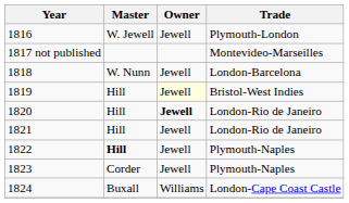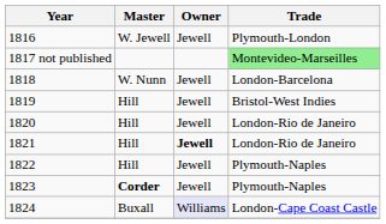 <table class="sortable wikitable">
 <tr>
 <th>Year</th>
 <th>Master</th>
 <th>Owner</th>
 <th>Trade</th>
 </tr>
 <tr>
 <td>1816</td>
 <td>W. Jewell</td>
 <td>Jewell</td>
 <td>Plymouth-London</td>
 </tr>
 <tr>
 <td>1817 not published</td>
 <td></td>
 <td></td>
-<td>Montevideo-Marseilles</td>
+<td style="background: lightgreen;">Montevideo-Marseilles</td>
 </tr>
 <tr>
 <td>1818</td>
 <td>W. Nunn</td>
 <td>Jewell</td>
 <td>London-Barcelona</td>
 </tr>
 <tr>
 <td>1819</td>
 <td>Hill</td>
-<td style="background: lightyellow;">Jewell</td>
+<td>Jewell</td>
 <td>Bristol-West Indies</td>
 </tr>
 <tr>
 <td>1820</td>
 <td>Hill</td>
-<td><strong>Jewell</strong></td>
+<td>Jewell</td>
 <td>London-Rio de Janeiro</td>
 </tr>
 <tr>
 <td>1821</td>
 <td>Hill</td>
-<td>Jewell</td>
+<td><strong>Jewell</strong></td>
 <td>London-Rio de Janeiro</td>
 </tr>
 <tr>
 <td>1822</td>
-<td><strong>Hill</strong></td>
+<td>Hill</td>
 <td>Jewell</td>
 <td>Plymouth-Naples</td>
 </tr>
 <tr>
 <td>1823</td>
-<td>Corder</td>
+<td><strong>Corder</strong></td>
 <td>Jewell</td>
 <td>Plymouth-Naples</td>
 </tr>
 <tr>
 <td>1824</td>
 <td>Buxall</td>
-<td>Williams</td>
+<td style="background: lavender;">Williams</td>
 <td>London-<a href='#'>Cape Coast Castle</a></td>
 </tr>
 <tr>
 </tr>
 </table>
